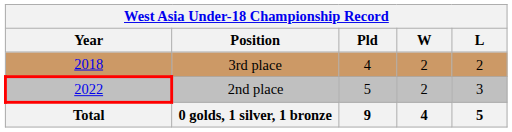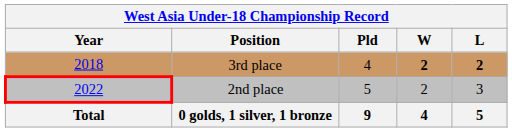 <table class="wikitable" style="text-align:center; font-size:95%; width:60%;">
 <tr>
 <th colspan=9><a href='#'>West Asia Under-18 Championship Record</a></th>
 </tr>
 <tr>
 <th width=15%>Year</th>
 <th width=15%>Position</th>
 <th width=5%>Pld</th>
 <th width=5%>W</th>
 <th width=5%>L</th>
 </tr>
 <tr style="background:#cc9966;">
 <td> <a href='#'>2018</a></td>
 <td>3rd place</td>
 <td>4</td>
-<td>2</td>
-<td>2</td>
+<td><strong>2</strong></td>
+<td><strong>2</strong></td>
 </tr>
 <tr style="background:silver;">
 <td style="border: 3px solid red"> <a href='#'>2022</a></td>
 <td>2nd place</td>
 <td>5</td>
 <td>2</td>
 <td>3</td>
 </tr>
 <tr>
 <th><strong>Total</strong></th>
 <th>0 golds, 1 silver, 1 bronze</th>
 <th>9</th>
 <th>4</th>
 <th>5</th>
 </tr>
 </table>
